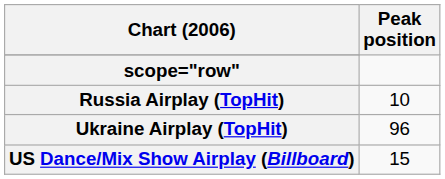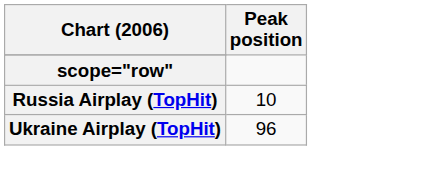 <table class="wikitable sortable plainrowheaders">
 <tr>
 <th>Chart (2006)</th>
 <th>Peak<br>position</th>
 </tr>
 <tr>
 </tr>
 <tr>
 <th>scope="row" </th>
 </tr>
 <tr>
 <th scope="row">Russia Airplay (<a href='#'>TopHit</a>)<br><em></em></th>
 <td align="center">10</td>
 </tr>
 <tr>
 <th scope="row">Ukraine Airplay (<a href='#'>TopHit</a>)</th>
 <td align="center">96</td>
 </tr>
-<tr>
-<th scope="row">US <a href='#'>Dance/Mix Show Airplay</a> (<em><a href='#'>Billboard</a></em>)</th>
-<td align="center">15</td>
-</tr>
 </table>
